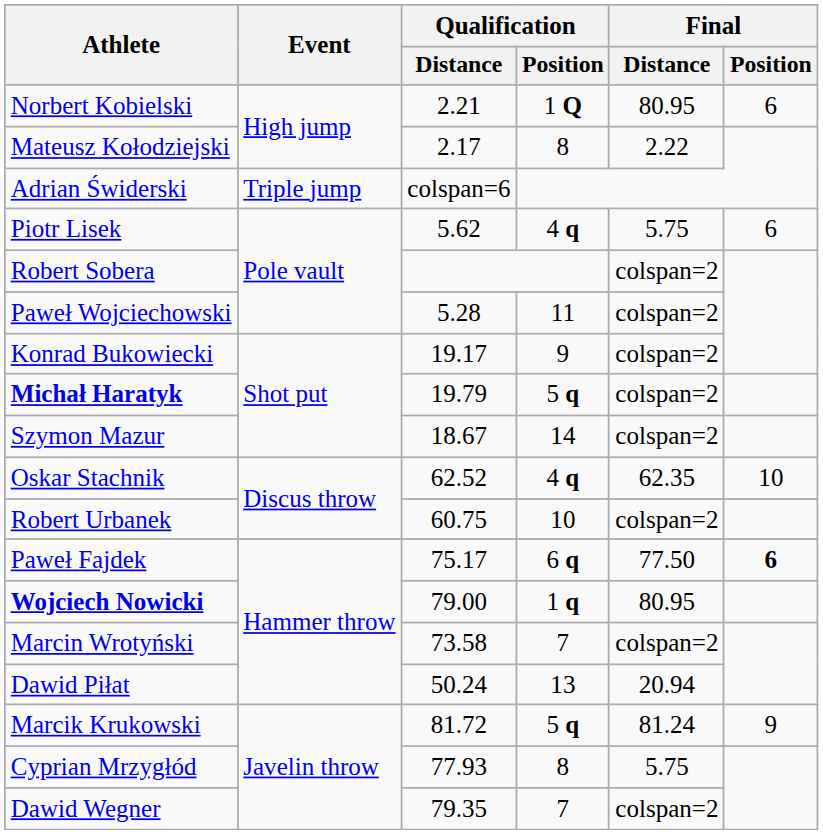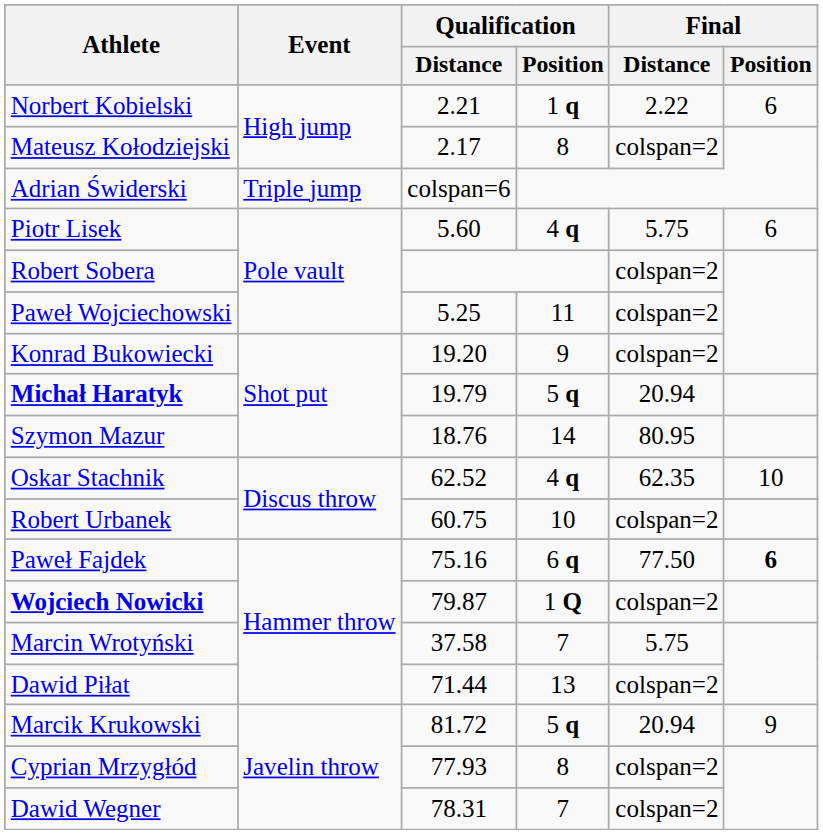 <table class="wikitable" style="font-size:90%">
 <tr>
 <th rowspan="2">Athlete</th>
 <th rowspan="2">Event</th>
 <th colspan="2">Qualification</th>
 <th colspan="2">Final</th>
 </tr>
 <tr style="font-size:95%">
 <th>Distance</th>
 <th>Position</th>
 <th>Distance</th>
 <th>Position</th>
 </tr>
 <tr align="center">
 <td align="left"><a href='#'>Norbert Kobielski</a></td>
 <td align="left" rowspan=2><a href='#'>High jump</a></td>
 <td>2.21</td>
-<td>1 <strong>Q</strong></td>
-<td>80.95 </td>
+<td>1 <strong>q</strong></td>
+<td>2.22</td>
 <td>6</td>
 </tr>
 <tr align="center">
 <td align="left"><a href='#'>Mateusz Kołodziejski</a></td>
 <td>2.17</td>
 <td>8</td>
-<td>2.22</td>
+<td>colspan=2 </td>
 </tr>
 <tr align="center">
 <td align="left"><a href='#'>Adrian Świderski</a></td>
 <td align="left"><a href='#'>Triple jump</a></td>
 <td>colspan=6 </td>
 </tr>
 <tr align="center">
 <td align="left"><a href='#'>Piotr Lisek</a></td>
 <td rowspan="3" align="left"><a href='#'>Pole vault</a></td>
-<td>5.62</td>
+<td>5.60</td>
 <td>4 <strong>q</strong></td>
 <td>5.75</td>
 <td>6</td>
 </tr>
 <tr align="center">
 <td align="left"><a href='#'>Robert Sobera</a></td>
 <td colspan=2></td>
 <td>colspan=2 </td>
 </tr>
 <tr align="center">
 <td align="left"><a href='#'>Paweł Wojciechowski</a></td>
-<td>5.28</td>
+<td>5.25</td>
 <td>11</td>
 <td>colspan=2 </td>
 </tr>
 <tr align="center">
 <td align="left"><a href='#'>Konrad Bukowiecki</a></td>
 <td align="left" rowspan=3><a href='#'>Shot put</a></td>
-<td>19.17</td>
+<td>19.20</td>
 <td>9</td>
 <td>colspan=2 </td>
 </tr>
 <tr align="center">
 <td align="left"><strong><a href='#'>Michał Haratyk</a></strong></td>
 <td>19.79</td>
 <td>5 <strong>q</strong></td>
-<td>colspan=2 </td>
+<td>20.94 </td>
 <td></td>
 </tr>
 <tr align="center">
 <td align="left"><a href='#'>Szymon Mazur</a></td>
-<td>18.67</td>
+<td>18.76</td>
 <td>14</td>
-<td>colspan=2 </td>
+<td>80.95 </td>
 </tr>
 <tr align="center">
 <td align="left"><a href='#'>Oskar Stachnik</a></td>
 <td align="left" rowspan=2><a href='#'>Discus throw</a></td>
 <td>62.52</td>
 <td>4 <strong>q</strong></td>
 <td>62.35</td>
 <td>10</td>
 </tr>
 <tr align="center">
 <td align="left"><a href='#'>Robert Urbanek</a></td>
 <td>60.75</td>
 <td>10</td>
 <td>colspan=2 </td>
 </tr>
 <tr align="center">
 <td align="left"><a href='#'>Paweł Fajdek</a></td>
 <td rowspan="4" align="left"><a href='#'>Hammer throw</a></td>
-<td>75.17</td>
+<td>75.16</td>
 <td>6 <strong>q</strong></td>
 <td>77.50 </td>
 <td><strong>6</strong></td>
 </tr>
 <tr align="center">
 <td align="left"><strong><a href='#'>Wojciech Nowicki</a></strong></td>
-<td>79.00</td>
-<td>1 <strong>q</strong></td>
-<td>80.95 </td>
+<td>79.87</td>
+<td>1 <strong>Q</strong></td>
+<td>colspan=2 </td>
 <td></td>
 </tr>
 <tr align="center">
 <td align="left"><a href='#'>Marcin Wrotyński</a></td>
-<td>73.58</td>
+<td>37.58</td>
 <td>7</td>
-<td>colspan=2 </td>
+<td>5.75</td>
 </tr>
 <tr align="center">
 <td align="left"><a href='#'>Dawid Piłat</a></td>
-<td>50.24</td>
+<td>71.44</td>
 <td>13</td>
-<td>20.94 </td>
+<td>colspan=2 </td>
 </tr>
 <tr align="center">
 <td align="left"><a href='#'>Marcik Krukowski</a></td>
 <td rowspan="3" align="left"><a href='#'>Javelin throw</a></td>
 <td>81.72</td>
 <td>5 <strong>q</strong></td>
-<td>81.24</td>
+<td>20.94 </td>
 <td>9</td>
 </tr>
 <tr align="center">
 <td align="left"><a href='#'>Cyprian Mrzygłód</a></td>
 <td>77.93</td>
 <td>8</td>
-<td>5.75</td>
+<td>colspan=2 </td>
 </tr>
 <tr align="center">
 <td align="left"><a href='#'>Dawid Wegner</a></td>
-<td>79.35</td>
+<td>78.31</td>
 <td>7</td>
 <td>colspan=2 </td>
 </tr>
 </table>
